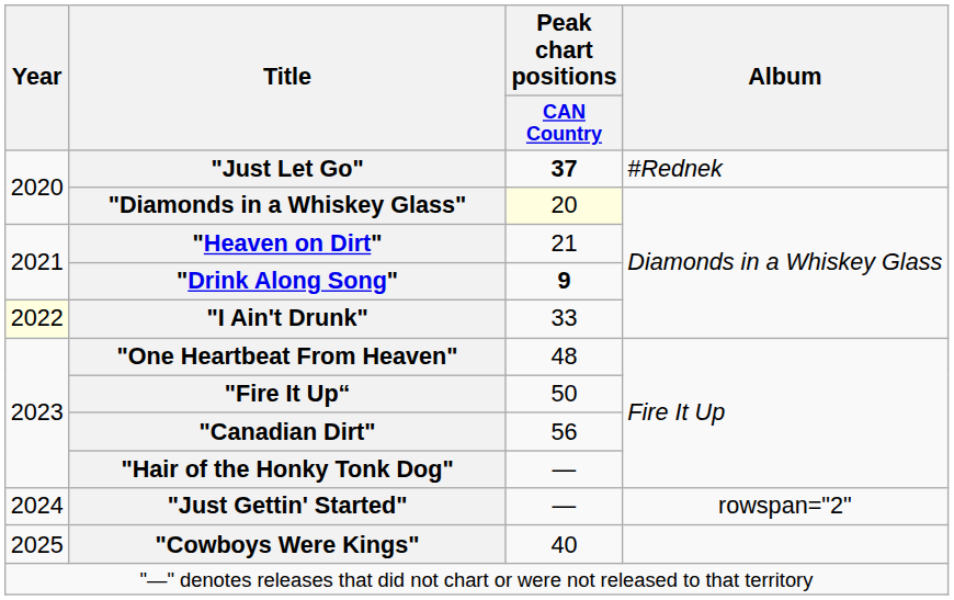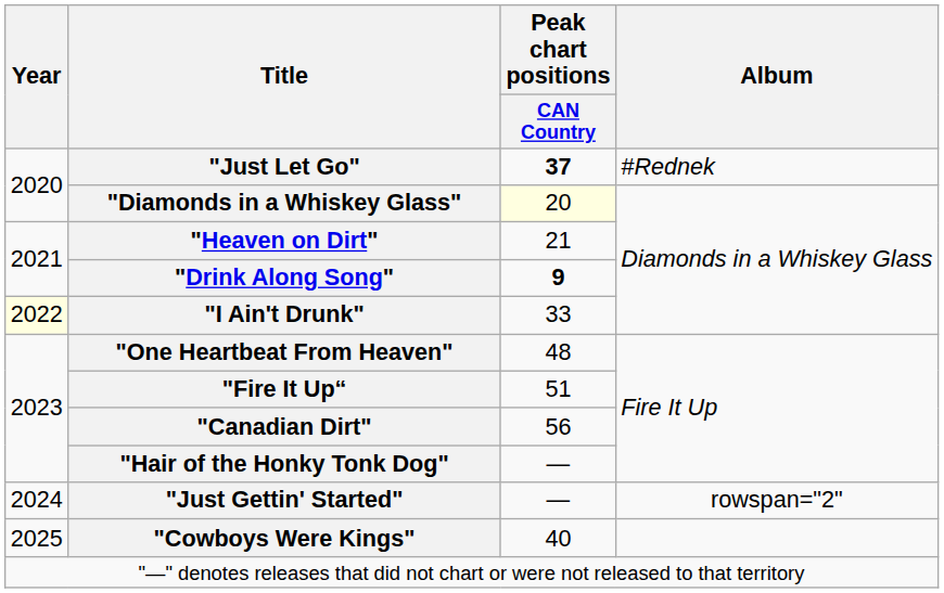 <table class="wikitable plainrowheaders" style="text-align:center;">
 <tr>
 <th rowspan="2">Year</th>
 <th rowspan="2" style="width:18em;">Title</th>
 <th>Peak chart<br>positions</th>
 <th rowspan="2">Album</th>
 </tr>
 <tr style="font-size:smaller;">
 <th style="width:4em;"><a href='#'>CAN Country</a><br></th>
 </tr>
 <tr>
 <td rowspan="2">2020</td>
 <th scope="row">"Just Let Go"</th>
 <td><strong>37</strong></td>
 <td align="left"><em>#Rednek</em></td>
 </tr>
 <tr>
 <th scope="row">"Diamonds in a Whiskey Glass"</th>
 <td style="background: lightyellow;">20</td>
 <td align="left" rowspan="4"><em>Diamonds in a Whiskey Glass</em></td>
 </tr>
 <tr>
 <td rowspan="2">2021</td>
 <th scope="row">"<a href='#'>Heaven on Dirt</a>"</th>
 <td>21</td>
 </tr>
 <tr>
 <th scope="row">"<a href='#'>Drink Along Song</a>" <br></th>
 <td><strong>9</strong></td>
 </tr>
 <tr>
 <td style="background: lightyellow;">2022</td>
 <th scope="row">"I Ain't Drunk"<br></th>
 <td>33</td>
 </tr>
 <tr>
 <td rowspan="4">2023</td>
 <th scope="row">"One Heartbeat From Heaven"</th>
 <td>48</td>
 <td align="left" rowspan="4"><em>Fire It Up</em></td>
 </tr>
 <tr>
 <th scope="row">"Fire It Up“</th>
-<td>50</td>
+<td>51</td>
 </tr>
 <tr>
 <th scope="row">"Canadian Dirt"</th>
 <td>56</td>
 </tr>
 <tr>
 <th scope="row">"Hair of the Honky Tonk Dog"</th>
 <td>—</td>
 </tr>
 <tr>
 <td>2024</td>
 <th scope="row">"Just Gettin' Started"</th>
 <td>—</td>
 <td>rowspan="2" </td>
 </tr>
 <tr>
 <td>2025</td>
 <th scope="row">"Cowboys Were Kings"</th>
 <td>40</td>
 </tr>
 <tr>
 <td colspan="8" style="font-size:85%">"—" denotes releases that did not chart or were not released to that territory</td>
 </tr>
 </table>
